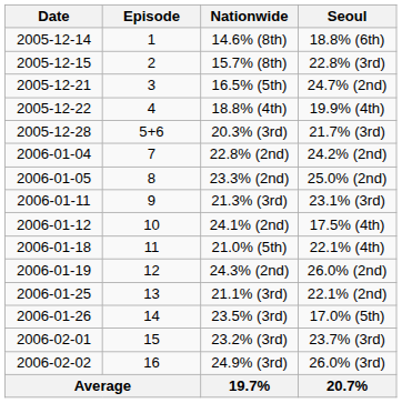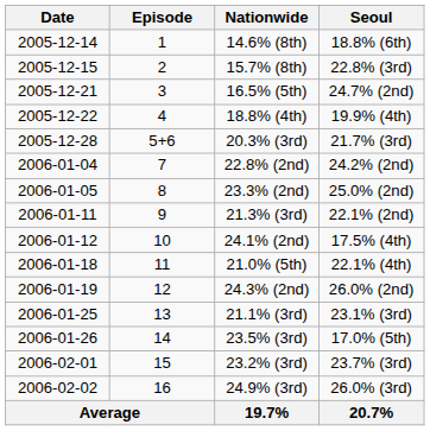 <table class=wikitable style="text-align:center">
 <tr>
 <th width=100>Date</th>
 <th width=100>Episode</th>
 <th width=100>Nationwide</th>
 <th width=100>Seoul</th>
 </tr>
 <tr>
 <td>2005-12-14</td>
 <td>1</td>
 <td>14.6% (8th)</td>
 <td>18.8% (6th)</td>
 </tr>
 <tr>
 <td>2005-12-15</td>
 <td>2</td>
 <td>15.7% (8th)</td>
 <td>22.8% (3rd)</td>
 </tr>
 <tr>
 <td>2005-12-21</td>
 <td>3</td>
 <td>16.5% (5th)</td>
 <td>24.7% (2nd)</td>
 </tr>
 <tr>
 <td>2005-12-22</td>
 <td>4</td>
 <td>18.8% (4th)</td>
 <td>19.9% (4th)</td>
 </tr>
 <tr>
 <td>2005-12-28</td>
 <td>5+6</td>
 <td>20.3% (3rd)</td>
 <td>21.7% (3rd)</td>
 </tr>
 <tr>
 <td>2006-01-04</td>
 <td>7</td>
 <td>22.8% (2nd)</td>
 <td>24.2% (2nd)</td>
 </tr>
 <tr>
 <td>2006-01-05</td>
 <td>8</td>
 <td>23.3% (2nd)</td>
 <td>25.0% (2nd)</td>
 </tr>
 <tr>
 <td>2006-01-11</td>
 <td>9</td>
 <td>21.3% (3rd)</td>
-<td>23.1% (3rd)</td>
+<td>22.1% (2nd)</td>
 </tr>
 <tr>
 <td>2006-01-12</td>
 <td>10</td>
 <td>24.1% (2nd)</td>
 <td>17.5% (4th)</td>
 </tr>
 <tr>
 <td>2006-01-18</td>
 <td>11</td>
 <td>21.0% (5th)</td>
 <td>22.1% (4th)</td>
 </tr>
 <tr>
 <td>2006-01-19</td>
 <td>12</td>
 <td>24.3% (2nd)</td>
 <td>26.0% (2nd)</td>
 </tr>
 <tr>
 <td>2006-01-25</td>
 <td>13</td>
 <td>21.1% (3rd)</td>
-<td>22.1% (2nd)</td>
+<td>23.1% (3rd)</td>
 </tr>
 <tr>
 <td>2006-01-26</td>
 <td>14</td>
 <td>23.5% (3rd)</td>
 <td>17.0% (5th)</td>
 </tr>
 <tr>
 <td>2006-02-01</td>
 <td>15</td>
 <td>23.2% (3rd)</td>
 <td>23.7% (3rd)</td>
 </tr>
 <tr>
 <td>2006-02-02</td>
 <td>16</td>
 <td>24.9% (3rd)</td>
 <td>26.0% (3rd)</td>
 </tr>
 <tr>
 <th colspan=2>Average</th>
 <th>19.7%</th>
 <th>20.7%</th>
 </tr>
 </table>
